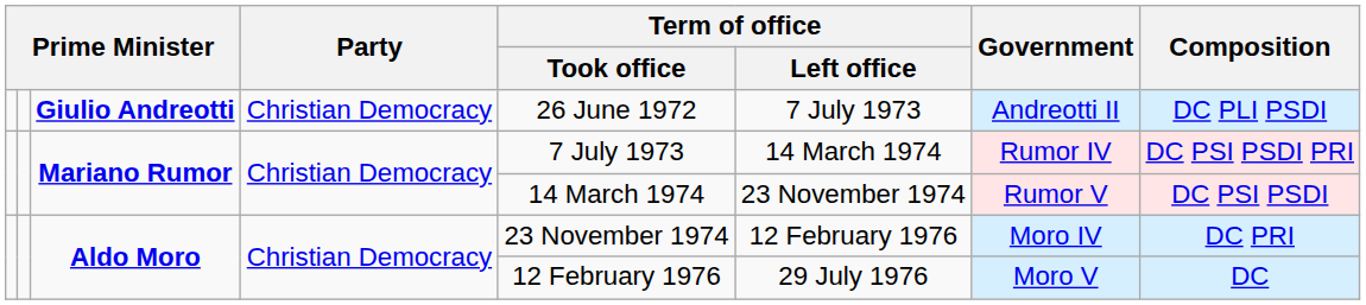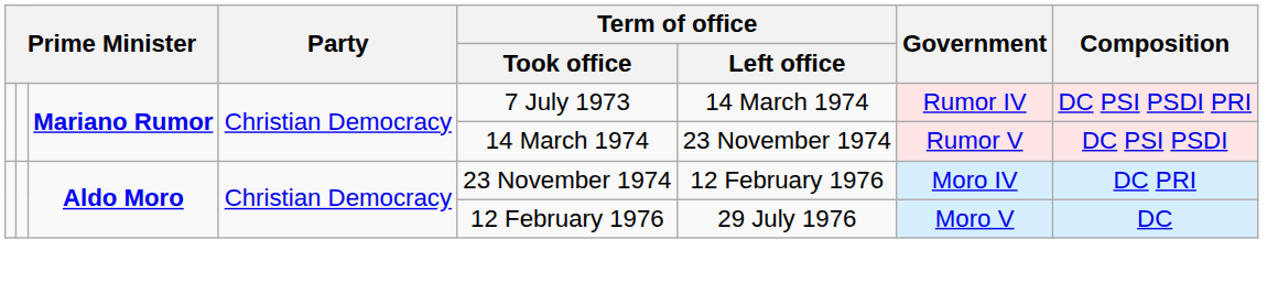 <table class="wikitable" style="text-align:center">
 <tr>
 <th colspan=3 rowspan=2>Prime Minister</th>
 <th rowspan=2>Party</th>
 <th colspan=2>Term of office</th>
 <th rowspan=2>Government</th>
 <th rowspan=2>Composition</th>
 </tr>
 <tr>
 <th>Took office</th>
 <th>Left office</th>
-</tr>
-<tr>
-<td style="background:"></td>
-<td></td>
-<td><strong><a href='#'>Giulio Andreotti</a></strong><br></td>
-<td><a href='#'>Christian Democracy</a></td>
-<td>26 June 1972</td>
-<td>7 July 1973</td>
-<td bgcolor=#D5EFFF><a href='#'>Andreotti II</a></td>
-<td bgcolor=#D5EFFF><a href='#'>DC</a>  <a href='#'>PLI</a>  <a href='#'>PSDI</a><br></td>
 </tr>
 <tr>
 <td rowspan=2 style="background:"></td>
 <td rowspan=2></td>
 <td rowspan=2><strong><a href='#'>Mariano Rumor</a></strong><br></td>
 <td rowspan=2><a href='#'>Christian Democracy</a></td>
 <td>7 July 1973</td>
 <td>14 March 1974</td>
 <td bgcolor=#FFE5E5><a href='#'>Rumor IV</a></td>
 <td bgcolor=#FFE5E5><a href='#'>DC</a>  <a href='#'>PSI</a>  <a href='#'>PSDI</a>  <a href='#'>PRI</a><br></td>
 </tr>
 <tr>
 <td>14 March 1974</td>
 <td>23 November 1974</td>
 <td bgcolor=#FFE5E5><a href='#'>Rumor V</a></td>
 <td bgcolor=#FFE5E5><a href='#'>DC</a>  <a href='#'>PSI</a>  <a href='#'>PSDI</a><br></td>
 </tr>
 <tr>
 <td rowspan=2 style="background:"></td>
 <td rowspan=2></td>
 <td rowspan=2><strong><a href='#'>Aldo Moro</a></strong><br></td>
 <td rowspan=2><a href='#'>Christian Democracy</a></td>
 <td>23 November 1974</td>
 <td>12 February 1976</td>
 <td bgcolor=#D5EFFF><a href='#'>Moro IV</a></td>
 <td bgcolor=#D5EFFF><a href='#'>DC</a>  <a href='#'>PRI</a><br></td>
 </tr>
 <tr>
 <td>12 February 1976</td>
 <td>29 July 1976</td>
 <td bgcolor=#D5EFFF><a href='#'>Moro V</a></td>
 <td bgcolor=#D5EFFF><a href='#'>DC</a><br></td>
 </tr>
 </table>
